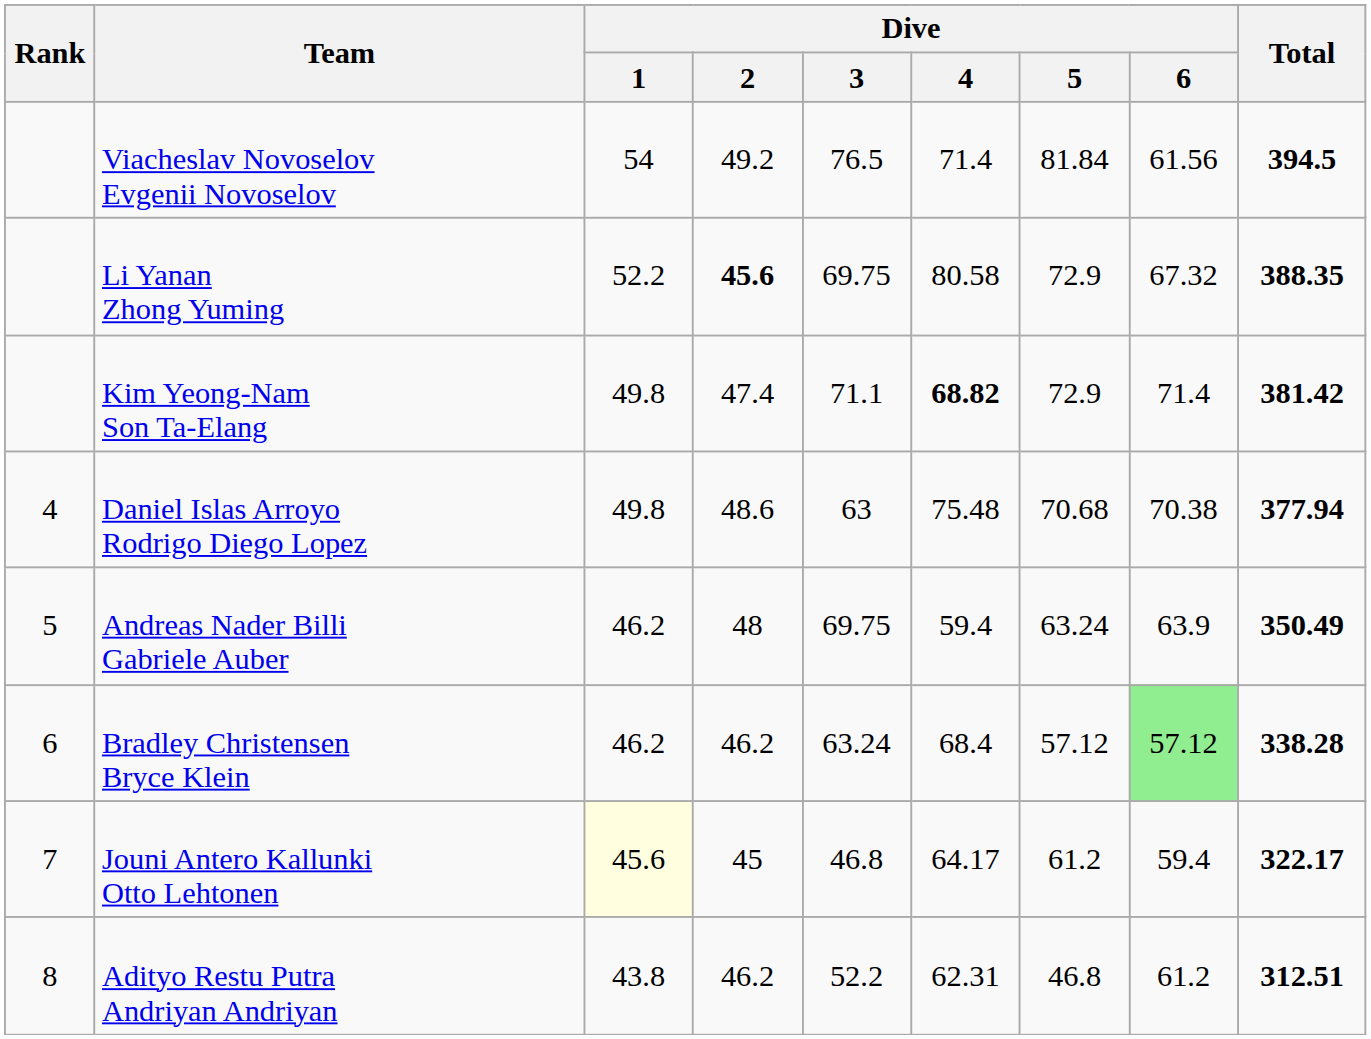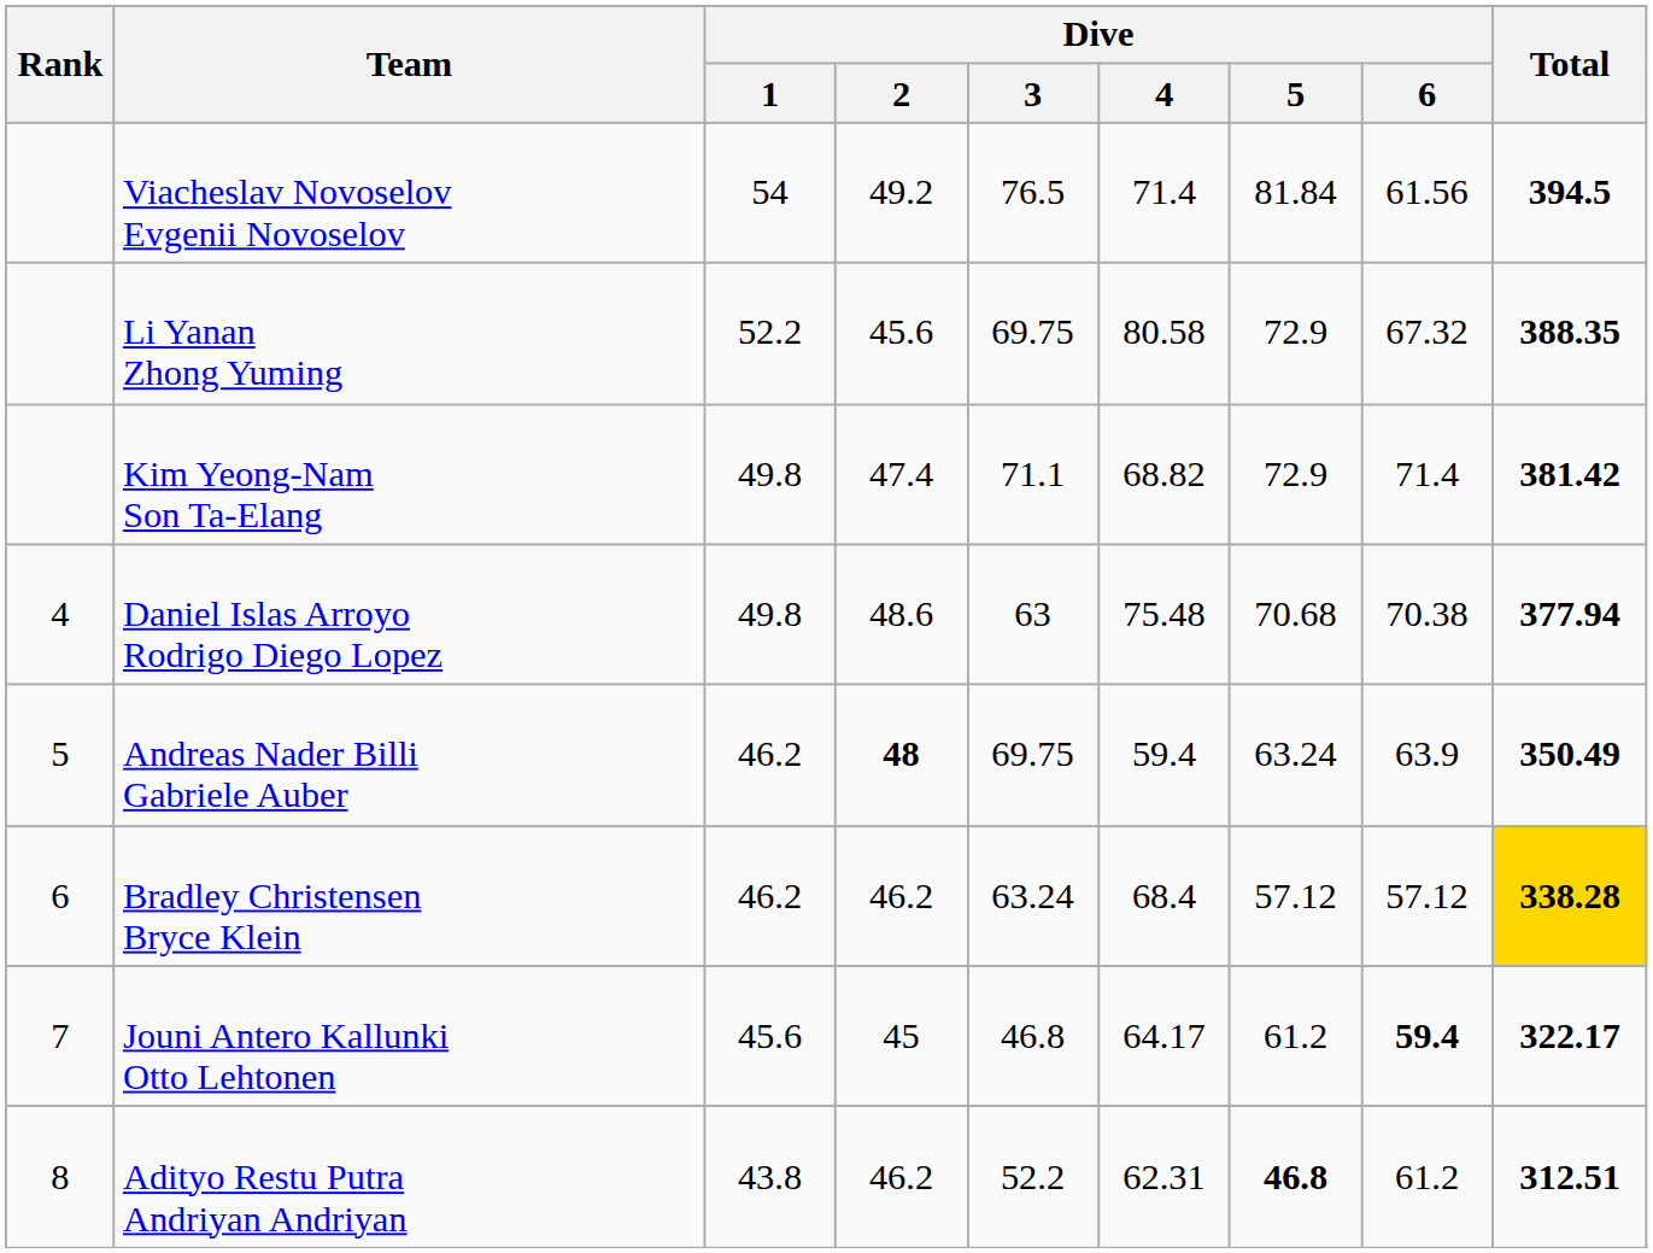 <table class="wikitable" style="text-align:center">
 <tr>
 <th rowspan="2" width=40>Rank</th>
 <th rowspan="2" width=250>Team</th>
 <th colspan="6">Dive</th>
 <th rowspan="2" width=60>Total</th>
 </tr>
 <tr>
 <th width=50>1</th>
 <th width=50>2</th>
 <th width=50>3</th>
 <th width=50>4</th>
 <th width=50>5</th>
 <th width=50>6</th>
 </tr>
 <tr>
 <td></td>
 <td align=left><br><a href='#'>Viacheslav Novoselov </a><br><a href='#'>Evgenii Novoselov </a></td>
 <td>54</td>
 <td>49.2</td>
 <td>76.5</td>
 <td>71.4</td>
 <td>81.84</td>
 <td>61.56</td>
 <td><strong>394.5</strong></td>
 </tr>
 <tr>
 <td></td>
 <td align=left><br><a href='#'>Li Yanan</a><br><a href='#'>Zhong Yuming</a></td>
 <td>52.2</td>
-<td><strong>45.6</strong></td>
+<td>45.6</td>
 <td>69.75</td>
 <td>80.58</td>
 <td>72.9</td>
 <td>67.32</td>
 <td><strong>388.35</strong></td>
 </tr>
 <tr>
 <td></td>
 <td align=left><br><a href='#'>Kim Yeong-Nam</a><br><a href='#'>Son Ta-Elang</a></td>
 <td>49.8</td>
 <td>47.4</td>
 <td>71.1</td>
-<td><strong>68.82</strong></td>
+<td>68.82</td>
 <td>72.9</td>
 <td>71.4</td>
 <td><strong>381.42</strong></td>
 </tr>
 <tr>
 <td>4</td>
 <td align=left><br><a href='#'>Daniel Islas Arroyo</a><br><a href='#'>Rodrigo Diego Lopez</a></td>
 <td>49.8</td>
 <td>48.6</td>
 <td>63</td>
 <td>75.48</td>
 <td>70.68</td>
 <td>70.38</td>
 <td><strong>377.94</strong></td>
 </tr>
 <tr>
 <td>5</td>
 <td align=left><br><a href='#'>Andreas Nader Billi</a><br><a href='#'>Gabriele Auber</a></td>
 <td>46.2</td>
-<td>48</td>
+<td><strong>48</strong></td>
 <td>69.75</td>
 <td>59.4</td>
 <td>63.24</td>
 <td>63.9</td>
 <td><strong>350.49</strong></td>
 </tr>
 <tr>
 <td>6</td>
 <td align=left><br><a href='#'>Bradley Christensen</a><br><a href='#'>Bryce Klein </a></td>
 <td>46.2</td>
 <td>46.2</td>
 <td>63.24</td>
 <td>68.4</td>
 <td>57.12</td>
-<td style="background: lightgreen;">57.12</td>
-<td><strong>338.28</strong></td>
+<td>57.12</td>
+<td style="background: gold;"><strong>338.28</strong></td>
 </tr>
 <tr>
 <td>7</td>
 <td align=left><br><a href='#'>Jouni Antero Kallunki </a><br><a href='#'>Otto Lehtonen </a></td>
-<td style="background: lightyellow;">45.6</td>
+<td>45.6</td>
 <td>45</td>
 <td>46.8</td>
 <td>64.17</td>
 <td>61.2</td>
-<td>59.4</td>
+<td><strong>59.4</strong></td>
 <td><strong>322.17</strong></td>
 </tr>
 <tr>
 <td>8</td>
 <td align=left><br><a href='#'>Adityo Restu Putra</a><br><a href='#'>Andriyan Andriyan</a></td>
 <td>43.8</td>
 <td>46.2</td>
 <td>52.2</td>
 <td>62.31</td>
-<td>46.8</td>
+<td><strong>46.8</strong></td>
 <td>61.2</td>
 <td><strong>312.51</strong></td>
 </tr>
 </table>
